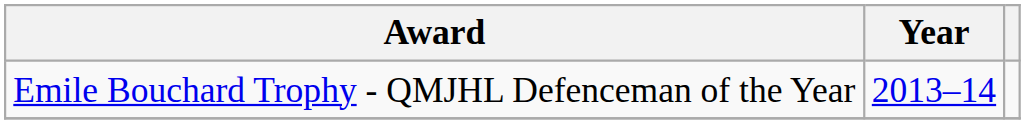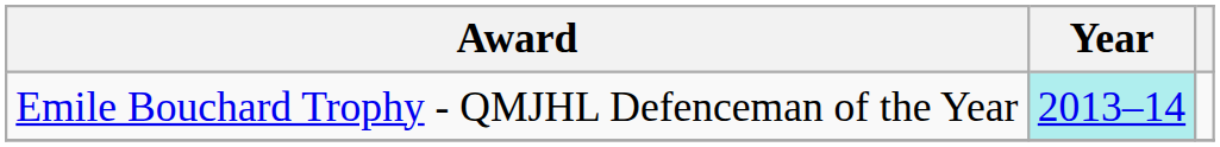 <table class="wikitable">
 <tr>
 <th>Award</th>
 <th>Year</th>
 <th></th>
 </tr>
 <tr>
 <td><a href='#'>Emile Bouchard Trophy</a> - QMJHL Defenceman of the Year</td>
-<td><a href='#'>2013–14</a></td>
+<td style="background: paleturquoise;"><a href='#'>2013–14</a></td>
 <td></td>
 </tr>
 <tr>
 </tr>
 </table>
